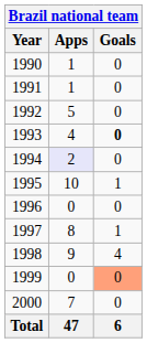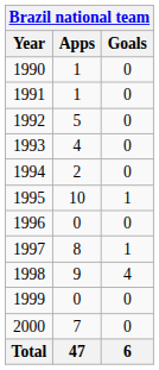 <table class="wikitable" style="text-align:center">
 <tr>
 <th colspan=3><a href='#'>Brazil national team</a></th>
 </tr>
 <tr>
 <th>Year</th>
 <th>Apps</th>
 <th>Goals</th>
 </tr>
 <tr>
 <td>1990</td>
 <td>1</td>
 <td>0</td>
 </tr>
 <tr>
 <td>1991</td>
 <td>1</td>
 <td>0</td>
 </tr>
 <tr>
 <td>1992</td>
 <td>5</td>
 <td>0</td>
 </tr>
 <tr>
 <td>1993</td>
 <td>4</td>
-<td><strong>0</strong></td>
+<td>0</td>
 </tr>
 <tr>
 <td>1994</td>
-<td style="background: lavender;">2</td>
+<td>2</td>
 <td>0</td>
 </tr>
 <tr>
 <td>1995</td>
 <td>10</td>
 <td>1</td>
 </tr>
 <tr>
 <td>1996</td>
 <td>0</td>
 <td>0</td>
 </tr>
 <tr>
 <td>1997</td>
 <td>8</td>
 <td>1</td>
 </tr>
 <tr>
 <td>1998</td>
 <td>9</td>
 <td>4</td>
 </tr>
 <tr>
 <td>1999</td>
 <td>0</td>
-<td style="background: lightsalmon;">0</td>
+<td>0</td>
 </tr>
 <tr>
 <td>2000</td>
 <td>7</td>
 <td>0</td>
 </tr>
 <tr>
 <th>Total</th>
 <th>47</th>
 <th>6</th>
 </tr>
 </table>
